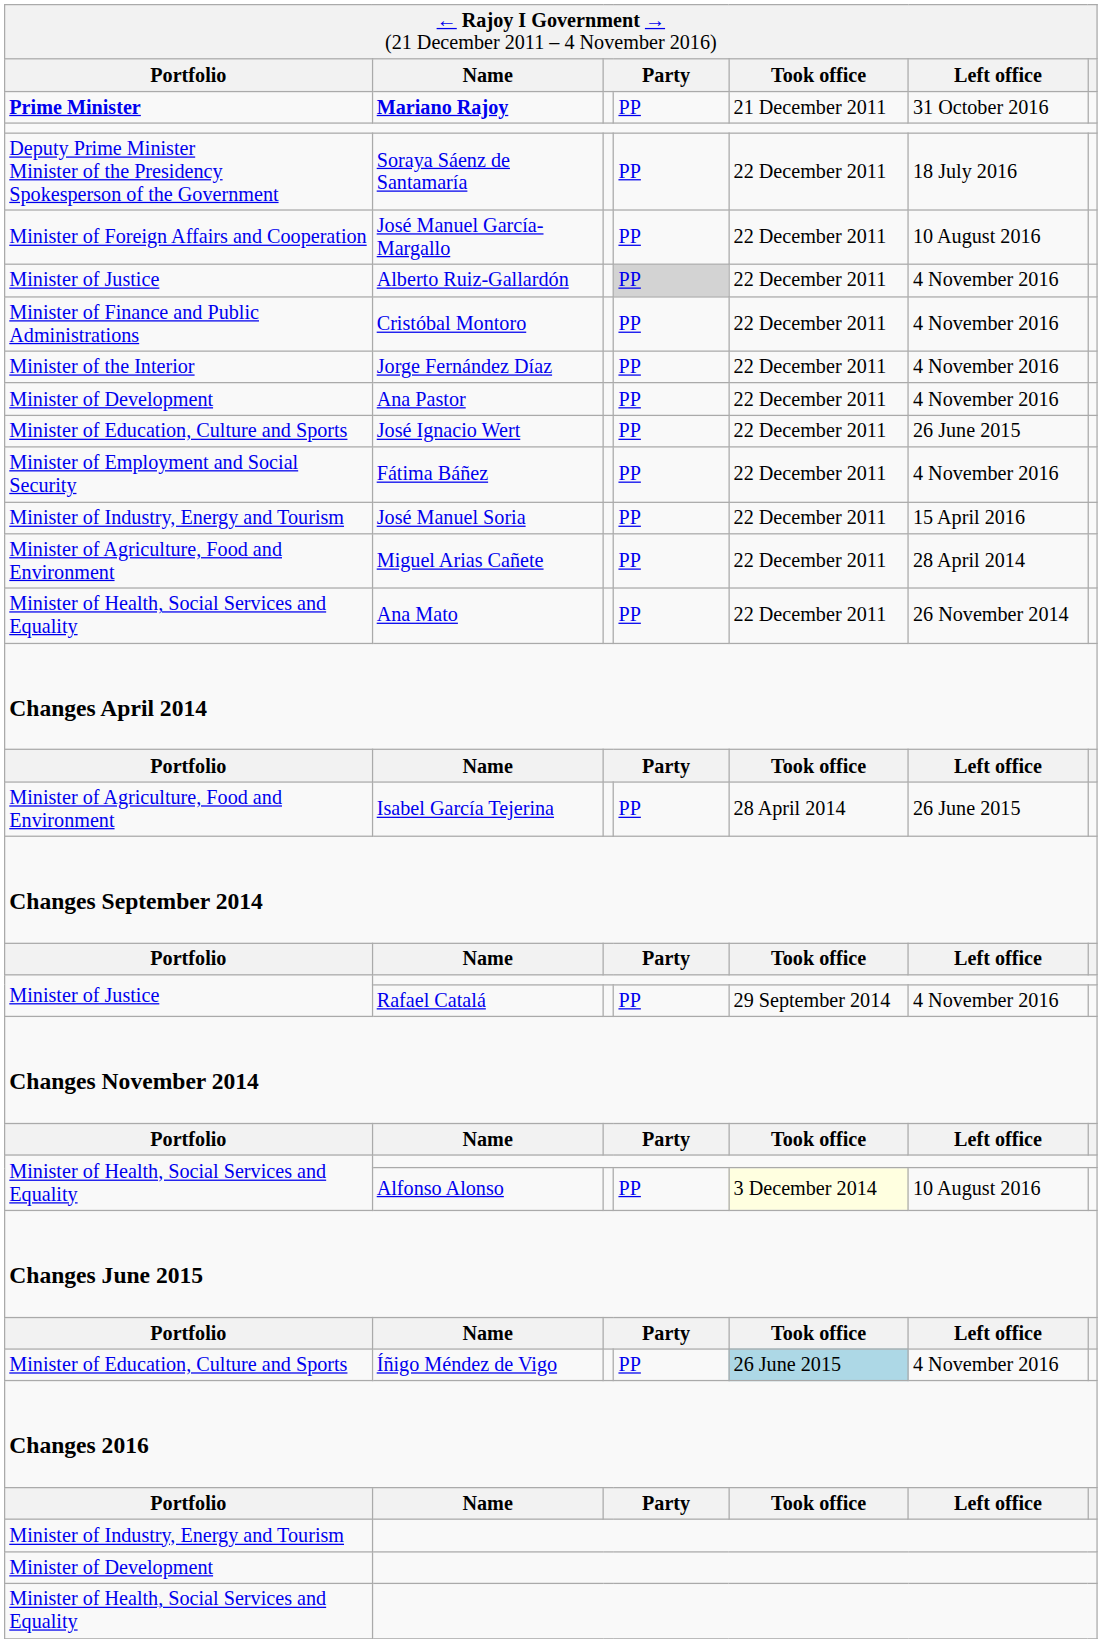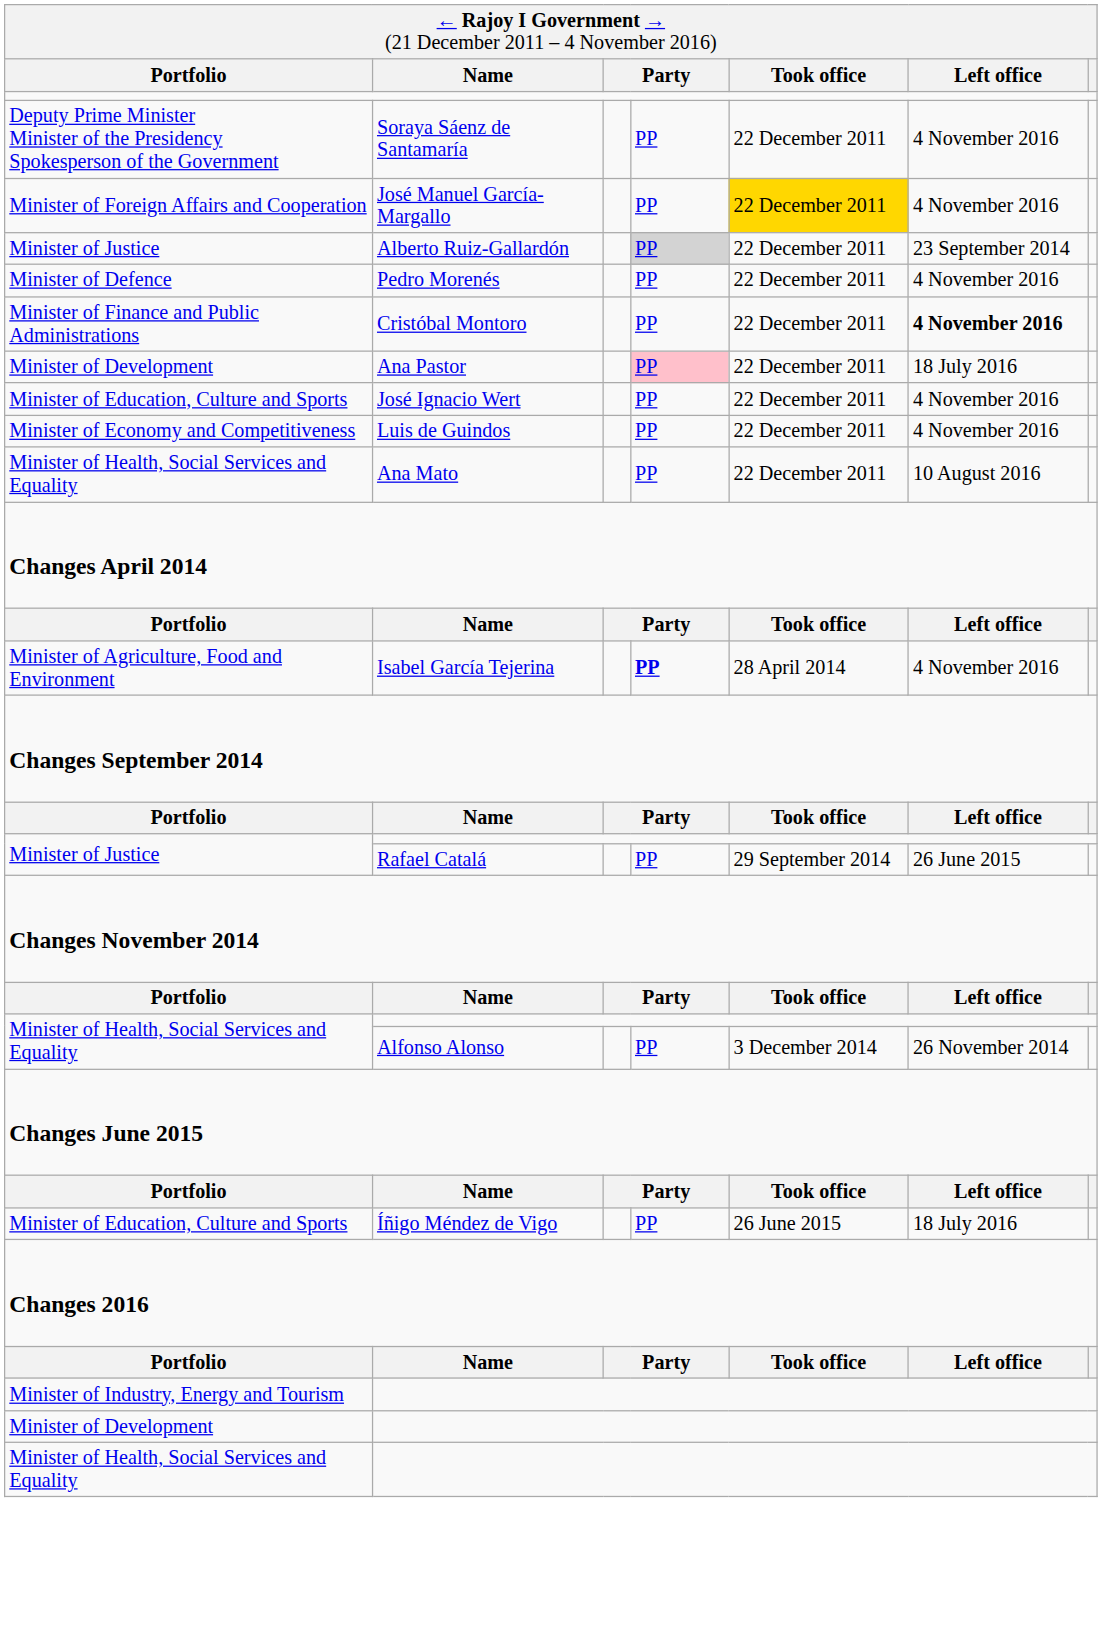 <table class="wikitable">
 <tr>
 <td colspan="7" bgcolor="#F2F2F2" align="center"><a href='#'>←</a> <strong>Rajoy I Government</strong> <a href='#'>→</a><br>(21 December 2011 – 4 November 2016)</td>
 </tr>
 <tr>
 <th>Portfolio</th>
 <th>Name</th>
 <th width="100px" colspan="2">Party</th>
 <th width="135px">Took office</th>
 <th width="135px">Left office</th>
 <th></th>
 </tr>
 <tr>
-<td><strong><a href='#'>Prime Minister</a></strong></td>
-<td><strong><a href='#'>Mariano Rajoy</a></strong></td>
-<td width="1" style="background-color:"></td>
-<td><a href='#'>PP</a></td>
-<td>21 December 2011</td>
-<td>31 October 2016</td>
-<td align="center"></td>
-</tr>
-<tr>
 <td colspan="7"></td>
 </tr>
 <tr>
 <td><a href='#'>Deputy Prime Minister</a><br><a href='#'>Minister of the Presidency</a><br><a href='#'>Spokesperson of the Government</a></td>
 <td><a href='#'>Soraya Sáenz de Santamaría</a></td>
 <td style="background-color:"></td>
 <td><a href='#'>PP</a></td>
 <td>22 December 2011</td>
-<td>18 July 2016</td>
+<td>4 November 2016</td>
 <td align="center"><br><br></td>
 </tr>
 <tr>
 <td><a href='#'>Minister of Foreign Affairs and Cooperation</a></td>
 <td><a href='#'>José Manuel García-Margallo</a></td>
 <td style="background-color:"></td>
 <td><a href='#'>PP</a></td>
-<td>22 December 2011</td>
-<td>10 August 2016</td>
+<td style="background: gold;">22 December 2011</td>
+<td>4 November 2016</td>
 <td align="center"></td>
 </tr>
 <tr>
 <td><a href='#'>Minister of Justice</a></td>
 <td><a href='#'>Alberto Ruiz-Gallardón</a></td>
 <td style="background-color:"></td>
 <td style="background: lightgrey;"><a href='#'>PP</a></td>
+<td>22 December 2011</td>
+<td>23 September 2014</td>
+<td align="center"></td>
+</tr>
+<tr>
+<td><a href='#'>Minister of Defence</a></td>
+<td><a href='#'>Pedro Morenés</a></td>
+<td style="background-color:"></td>
+<td><a href='#'>PP</a> </td>
 <td>22 December 2011</td>
 <td>4 November 2016</td>
 <td align="center"></td>
 </tr>
 <tr>
 <td><a href='#'>Minister of Finance and Public Administrations</a></td>
 <td><a href='#'>Cristóbal Montoro</a></td>
 <td style="background-color:"></td>
 <td><a href='#'>PP</a></td>
 <td>22 December 2011</td>
-<td>4 November 2016</td>
-<td align="center"></td>
-</tr>
-<tr>
-<td><a href='#'>Minister of the Interior</a></td>
-<td><a href='#'>Jorge Fernández Díaz</a></td>
-<td style="background-color:"></td>
-<td><a href='#'>PP</a></td>
-<td>22 December 2011</td>
-<td>4 November 2016</td>
+<td><strong>4 November 2016</strong></td>
 <td align="center"></td>
 </tr>
 <tr>
 <td><a href='#'>Minister of Development</a></td>
 <td><a href='#'>Ana Pastor</a></td>
 <td style="background-color:"></td>
-<td><a href='#'>PP</a></td>
+<td style="background: pink;"><a href='#'>PP</a></td>
 <td>22 December 2011</td>
-<td>4 November 2016</td>
+<td>18 July 2016</td>
 <td align="center"></td>
 </tr>
 <tr>
 <td><a href='#'>Minister of Education, Culture and Sports</a></td>
 <td><a href='#'>José Ignacio Wert</a></td>
 <td style="background-color:"></td>
 <td><a href='#'>PP</a> </td>
 <td>22 December 2011</td>
-<td>26 June 2015</td>
-<td align="center"></td>
-</tr>
-<tr>
-<td><a href='#'>Minister of Employment and Social Security</a></td>
-<td><a href='#'>Fátima Báñez</a></td>
-<td style="background-color:"></td>
-<td><a href='#'>PP</a></td>
-<td>22 December 2011</td>
 <td>4 November 2016</td>
 <td align="center"></td>
 </tr>
 <tr>
-<td><a href='#'>Minister of Industry, Energy and Tourism</a></td>
-<td><a href='#'>José Manuel Soria</a></td>
+<td><a href='#'>Minister of Economy and Competitiveness</a></td>
+<td><a href='#'>Luis de Guindos</a></td>
 <td style="background-color:"></td>
-<td><a href='#'>PP</a></td>
+<td><a href='#'>PP</a> </td>
 <td>22 December 2011</td>
-<td>15 April 2016</td>
-<td align="center"></td>
-</tr>
-<tr>
-<td><a href='#'>Minister of Agriculture, Food and Environment</a></td>
-<td><a href='#'>Miguel Arias Cañete</a></td>
-<td style="background-color:"></td>
-<td><a href='#'>PP</a></td>
-<td>22 December 2011</td>
-<td>28 April 2014</td>
+<td>4 November 2016</td>
 <td align="center"></td>
 </tr>
 <tr>
 <td><a href='#'>Minister of Health, Social Services and Equality</a></td>
 <td><a href='#'>Ana Mato</a></td>
 <td style="background-color:"></td>
 <td><a href='#'>PP</a></td>
 <td>22 December 2011</td>
-<td>26 November 2014</td>
+<td>10 August 2016</td>
 <td align="center"></td>
 </tr>
 <tr>
 <td colspan="7"><br><h3>Changes April 2014</h3></td>
 </tr>
 <tr>
 <th>Portfolio</th>
 <th>Name</th>
 <th colspan="2">Party</th>
 <th>Took office</th>
 <th>Left office</th>
 <th></th>
 </tr>
 <tr>
 <td><a href='#'>Minister of Agriculture, Food and Environment</a></td>
 <td><a href='#'>Isabel García Tejerina</a></td>
 <td style="background-color:"></td>
-<td><a href='#'>PP</a></td>
+<td><strong><a href='#'>PP</a></strong></td>
 <td>28 April 2014</td>
-<td>26 June 2015</td>
+<td>4 November 2016</td>
 <td align="center"></td>
 </tr>
 <tr>
 <td colspan="7"><br><h3>Changes September 2014</h3></td>
 </tr>
 <tr>
 <th>Portfolio</th>
 <th>Name</th>
 <th colspan="2">Party</th>
 <th>Took office</th>
 <th>Left office</th>
 <th></th>
 </tr>
 <tr>
 <td rowspan="2"><a href='#'>Minister of Justice</a></td>
 <td colspan="6"></td>
 </tr>
 <tr>
 <td><a href='#'>Rafael Catalá</a></td>
 <td style="background-color:"></td>
 <td><a href='#'>PP</a></td>
 <td>29 September 2014</td>
-<td>4 November 2016</td>
+<td>26 June 2015</td>
 <td align="center"></td>
 </tr>
 <tr>
 <td colspan="7"><br><h3>Changes November 2014</h3></td>
 </tr>
 <tr>
 <th>Portfolio</th>
 <th>Name</th>
 <th colspan="2">Party</th>
 <th>Took office</th>
 <th>Left office</th>
 <th></th>
 </tr>
 <tr>
 <td rowspan="2"><a href='#'>Minister of Health, Social Services and Equality</a></td>
 <td colspan="6"></td>
 </tr>
 <tr>
 <td><a href='#'>Alfonso Alonso</a></td>
 <td style="background-color:"></td>
 <td><a href='#'>PP</a></td>
-<td style="background: lightyellow;">3 December 2014</td>
-<td>10 August 2016</td>
+<td>3 December 2014</td>
+<td>26 November 2014</td>
 <td align="center"></td>
 </tr>
 <tr>
 <td colspan="7"><br><h3>Changes June 2015</h3></td>
 </tr>
 <tr>
 <th>Portfolio</th>
 <th>Name</th>
 <th colspan="2">Party</th>
 <th>Took office</th>
 <th>Left office</th>
 <th></th>
 </tr>
 <tr>
 <td><a href='#'>Minister of Education, Culture and Sports</a></td>
 <td><a href='#'>Íñigo Méndez de Vigo</a></td>
 <td style="background-color:"></td>
 <td><a href='#'>PP</a></td>
-<td style="background: lightblue;">26 June 2015</td>
-<td>4 November 2016</td>
+<td>26 June 2015</td>
+<td>18 July 2016</td>
 <td align="center"></td>
 </tr>
 <tr>
 <td colspan="7"><br><h3>Changes 2016</h3></td>
 </tr>
 <tr>
 <th>Portfolio</th>
 <th>Name</th>
 <th colspan="2">Party</th>
 <th>Took office</th>
 <th>Left office</th>
 <th></th>
 </tr>
 <tr>
 <td><a href='#'>Minister of Industry, Energy and Tourism</a></td>
 <td colspan="6"></td>
 </tr>
 <tr>
 <td><a href='#'>Minister of Development</a></td>
 <td colspan="6"></td>
 </tr>
 <tr>
 <td><a href='#'>Minister of Health, Social Services and Equality</a></td>
 <td colspan="6"></td>
 </tr>
 </table>
